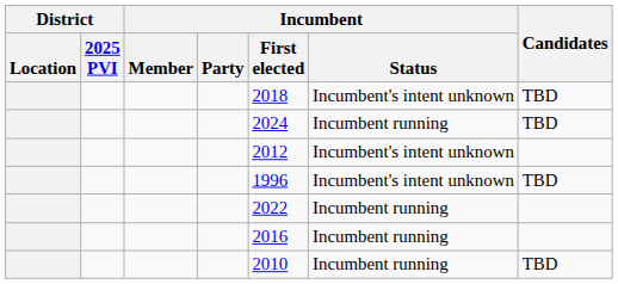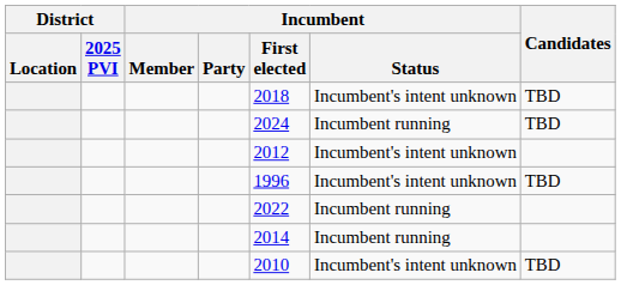 <table class="wikitable sortable">
 <tr>
 <th colspan=2>District</th>
 <th colspan=4>Incumbent</th>
 <th rowspan=2 class="unsortable">Candidates</th>
 </tr>
 <tr valign=bottom>
 <th>Location</th>
 <th><a href='#'>2025<br>PVI</a></th>
 <th>Member</th>
 <th>Party</th>
 <th>First<br>elected</th>
 <th>Status</th>
 </tr>
 <tr>
 <th></th>
 <td></td>
 <td></td>
 <td></td>
 <td><a href='#'>2018</a></td>
 <td>Incumbent's intent unknown</td>
 <td>TBD</td>
 </tr>
 <tr>
 <th></th>
 <td></td>
 <td></td>
 <td></td>
 <td><a href='#'>2024</a></td>
 <td>Incumbent running</td>
 <td>TBD</td>
 </tr>
 <tr>
 <th></th>
 <td></td>
 <td></td>
 <td></td>
 <td><a href='#'>2012</a></td>
 <td>Incumbent's intent unknown</td>
 <td></td>
 </tr>
 <tr>
 <th></th>
 <td></td>
 <td></td>
 <td></td>
 <td><a href='#'>1996</a></td>
 <td>Incumbent's intent unknown</td>
 <td>TBD</td>
 </tr>
 <tr>
 <th></th>
 <td></td>
 <td></td>
 <td></td>
 <td><a href='#'>2022</a></td>
 <td>Incumbent running</td>
 <td></td>
 </tr>
 <tr>
 <th></th>
 <td></td>
 <td></td>
 <td></td>
-<td><a href='#'>2016</a></td>
+<td><a href='#'>2014</a></td>
 <td>Incumbent running</td>
 <td></td>
 </tr>
 <tr>
 <th></th>
 <td></td>
 <td></td>
 <td></td>
 <td><a href='#'>2010</a></td>
-<td>Incumbent running</td>
+<td>Incumbent's intent unknown</td>
 <td>TBD</td>
 </tr>
 </table>
